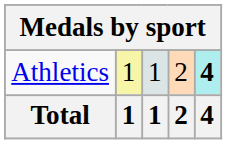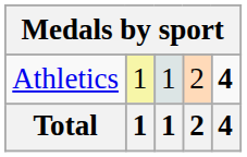 <table class="wikitable" style="font-size:90%; text-align:center;">
 <tr>
 <th colspan="5">Medals by sport</th>
 </tr>
 <tr>
 <td align="left"><a href='#'>Athletics</a></td>
 <td style="background:#F7F6A8;">1</td>
 <td style="background:#DCE5E5;">1</td>
 <td style="background:#FFDAB9;">2</td>
-<td style="background: paleturquoise;"><strong>4</strong></td>
+<td><strong>4</strong></td>
 </tr>
 <tr class="sortbottom">
 <th>Total</th>
 <th>1</th>
 <th>1</th>
 <th>2</th>
 <th>4</th>
 </tr>
 </table>
